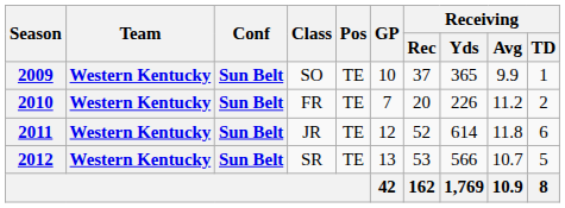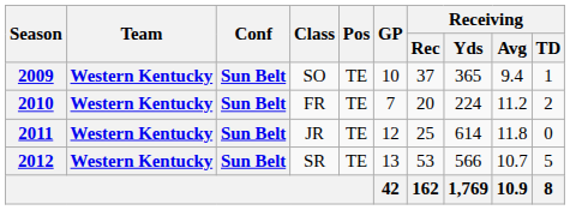 <table class="wikitable" style="text-align: center;">
 <tr>
 <th rowspan="2">Season</th>
 <th rowspan="2">Team</th>
 <th rowspan="2">Conf</th>
 <th rowspan="2">Class</th>
 <th rowspan="2">Pos</th>
 <th rowspan="2">GP</th>
 <th colspan="4">Receiving</th>
 </tr>
 <tr>
 <th>Rec</th>
 <th>Yds</th>
 <th>Avg</th>
 <th>TD</th>
 </tr>
 <tr>
 <th><a href='#'>2009</a></th>
 <th><a href='#'>Western Kentucky</a></th>
 <th><a href='#'>Sun Belt</a></th>
 <td>SO</td>
 <td>TE</td>
 <td>10</td>
 <td>37</td>
 <td>365</td>
-<td>9.9</td>
+<td>9.4</td>
 <td>1</td>
 </tr>
 <tr>
 <th><a href='#'>2010</a></th>
 <th><a href='#'>Western Kentucky</a></th>
 <th><a href='#'>Sun Belt</a></th>
 <td>FR</td>
 <td>TE</td>
 <td>7</td>
 <td>20</td>
-<td>226</td>
+<td>224</td>
 <td>11.2</td>
 <td>2</td>
 </tr>
 <tr>
 <th><a href='#'>2011</a></th>
 <th><a href='#'>Western Kentucky</a></th>
 <th><a href='#'>Sun Belt</a></th>
 <td>JR</td>
 <td>TE</td>
 <td>12</td>
-<td>52</td>
+<td>25</td>
 <td>614</td>
 <td>11.8</td>
-<td>6</td>
+<td>0</td>
 </tr>
 <tr>
 <th><a href='#'>2012</a></th>
 <th><a href='#'>Western Kentucky</a></th>
 <th><a href='#'>Sun Belt</a></th>
 <td>SR</td>
 <td>TE</td>
 <td>13</td>
 <td>53</td>
 <td>566</td>
 <td>10.7</td>
 <td>5</td>
 </tr>
 <tr>
 <th colspan="5"></th>
 <th>42</th>
 <th>162</th>
 <th>1,769</th>
 <th>10.9</th>
 <th>8</th>
 </tr>
 </table>
